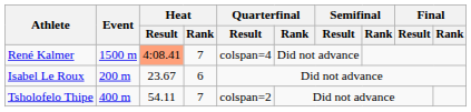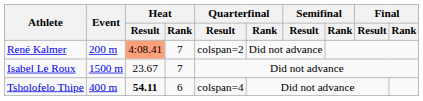 <table class=wikitable style="font-size:90%">
 <tr>
 <th rowspan="2">Athlete</th>
 <th rowspan="2">Event</th>
 <th colspan="2">Heat</th>
 <th colspan="2">Quarterfinal</th>
 <th colspan="2">Semifinal</th>
 <th colspan="2">Final</th>
 </tr>
 <tr style="font-size:95%">
 <th>Result</th>
 <th>Rank</th>
 <th>Result</th>
 <th>Rank</th>
 <th>Result</th>
 <th>Rank</th>
 <th>Result</th>
 <th>Rank</th>
 </tr>
 <tr align=center>
 <td align=left><a href='#'>René Kalmer</a></td>
-<td align=left><a href='#'>1500 m</a></td>
+<td align=left><a href='#'>200 m</a></td>
 <td style="background: lightsalmon;">4:08.41</td>
 <td>7</td>
-<td>colspan=4 </td>
+<td>colspan=2 </td>
 <td colspan=2>Did not advance</td>
 </tr>
 <tr align=center>
 <td align=left><a href='#'>Isabel Le Roux</a></td>
-<td align=left><a href='#'>200 m</a></td>
+<td align=left><a href='#'>1500 m</a></td>
 <td>23.67</td>
-<td>6</td>
+<td>7</td>
 <td colspan=6>Did not advance</td>
 </tr>
 <tr align=center>
 <td align=left><a href='#'>Tsholofelo Thipe</a></td>
 <td align=left><a href='#'>400 m</a></td>
-<td>54.11</td>
-<td>7</td>
-<td>colspan=2 </td>
+<td><strong>54.11</strong></td>
+<td>6</td>
+<td>colspan=4 </td>
 <td colspan=4>Did not advance</td>
 </tr>
 </table>
